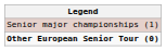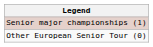 <table class="wikitable" style="font-size:95%;">
 <tr>
 <th>Legend</th>
 </tr>
 <tr style="background:#e5d1cb;">
 <td>Senior major championships (1)</td>
 </tr>
 <tr>
-<td><strong>Other European Senior Tour (0)</strong></td>
+<td>Other European Senior Tour (0)</td>
 </tr>
 </table>
